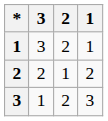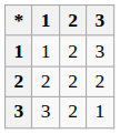 <table class="wikitable" style="text-align:center">
 <tr>
 <th width=15>*</th>
+<th width=15>1</th>
+<th width=15>2</th>
 <th width=15>3</th>
-<th width=15>2</th>
-<th width=15>1</th>
 </tr>
 <tr>
 <th>1</th>
+<td>1</td>
+<td>2</td>
+<td>3</td>
+</tr>
+<tr>
+<th>2</th>
+<td>2</td>
+<td>2</td>
+<td>2</td>
+</tr>
+<tr>
+<th>3</th>
 <td>3</td>
 <td>2</td>
 <td>1</td>
 </tr>
-<tr>
-<th>2</th>
-<td>2</td>
-<td>1</td>
-<td>2</td>
-</tr>
-<tr>
-<th>3</th>
-<td>1</td>
-<td>2</td>
-<td>3</td>
-</tr>
 </table>
